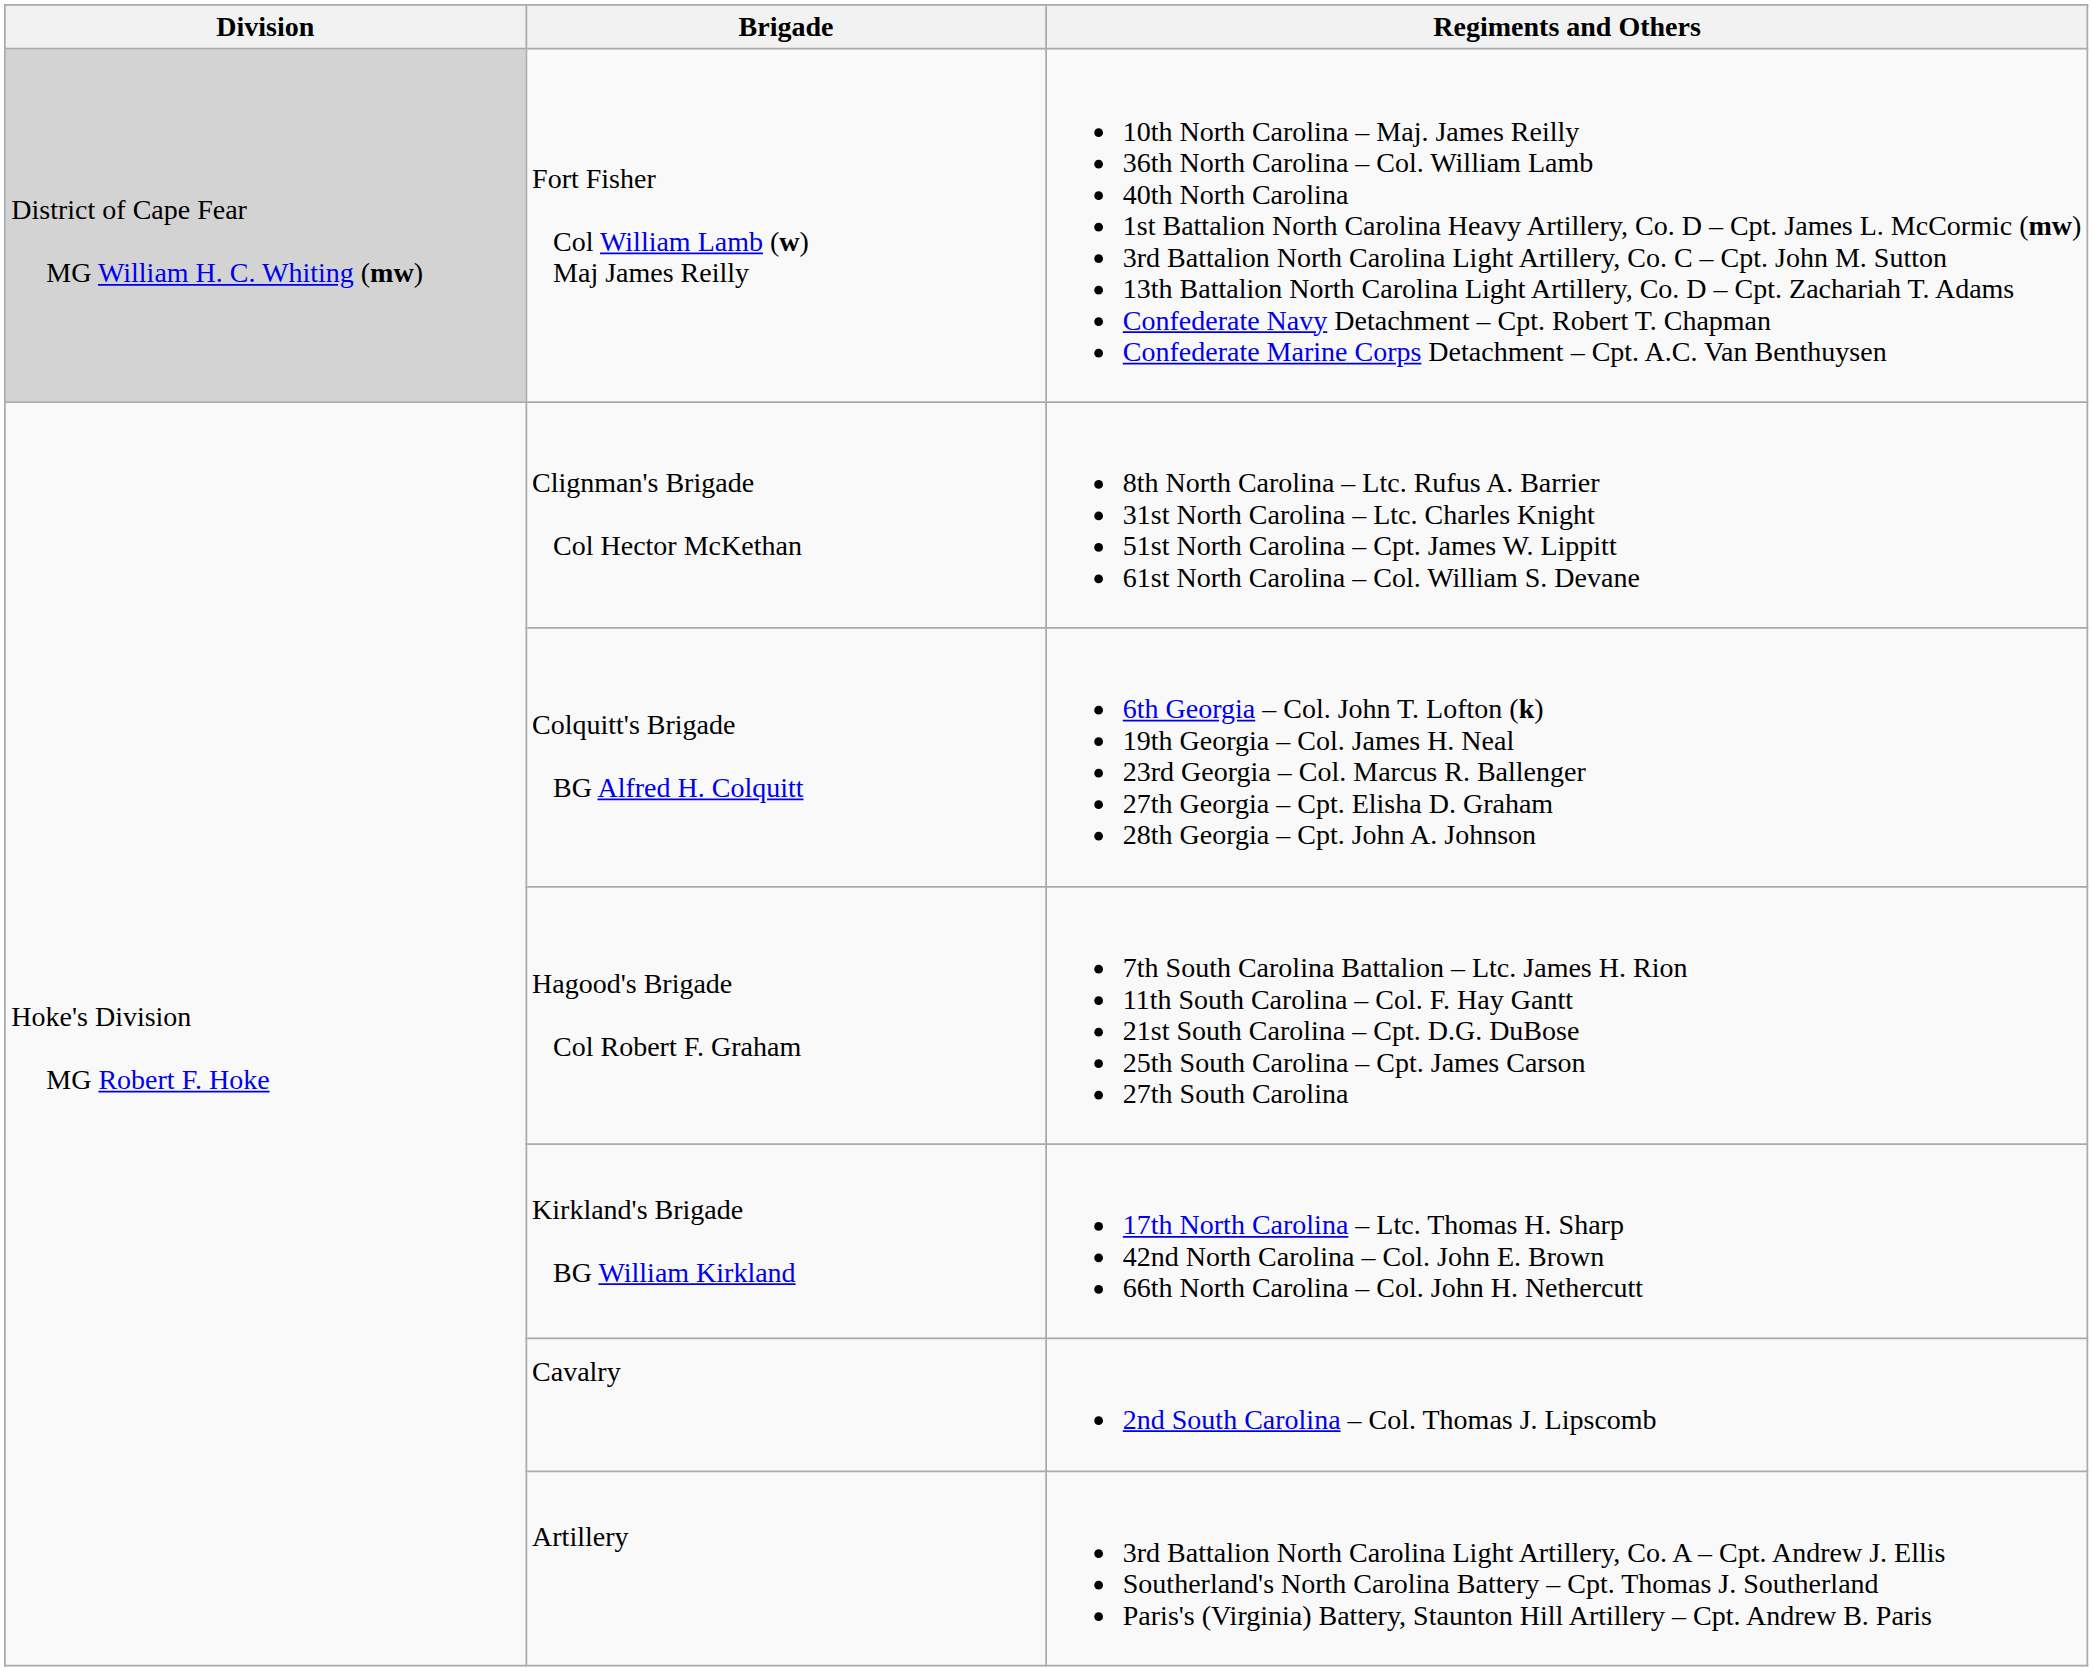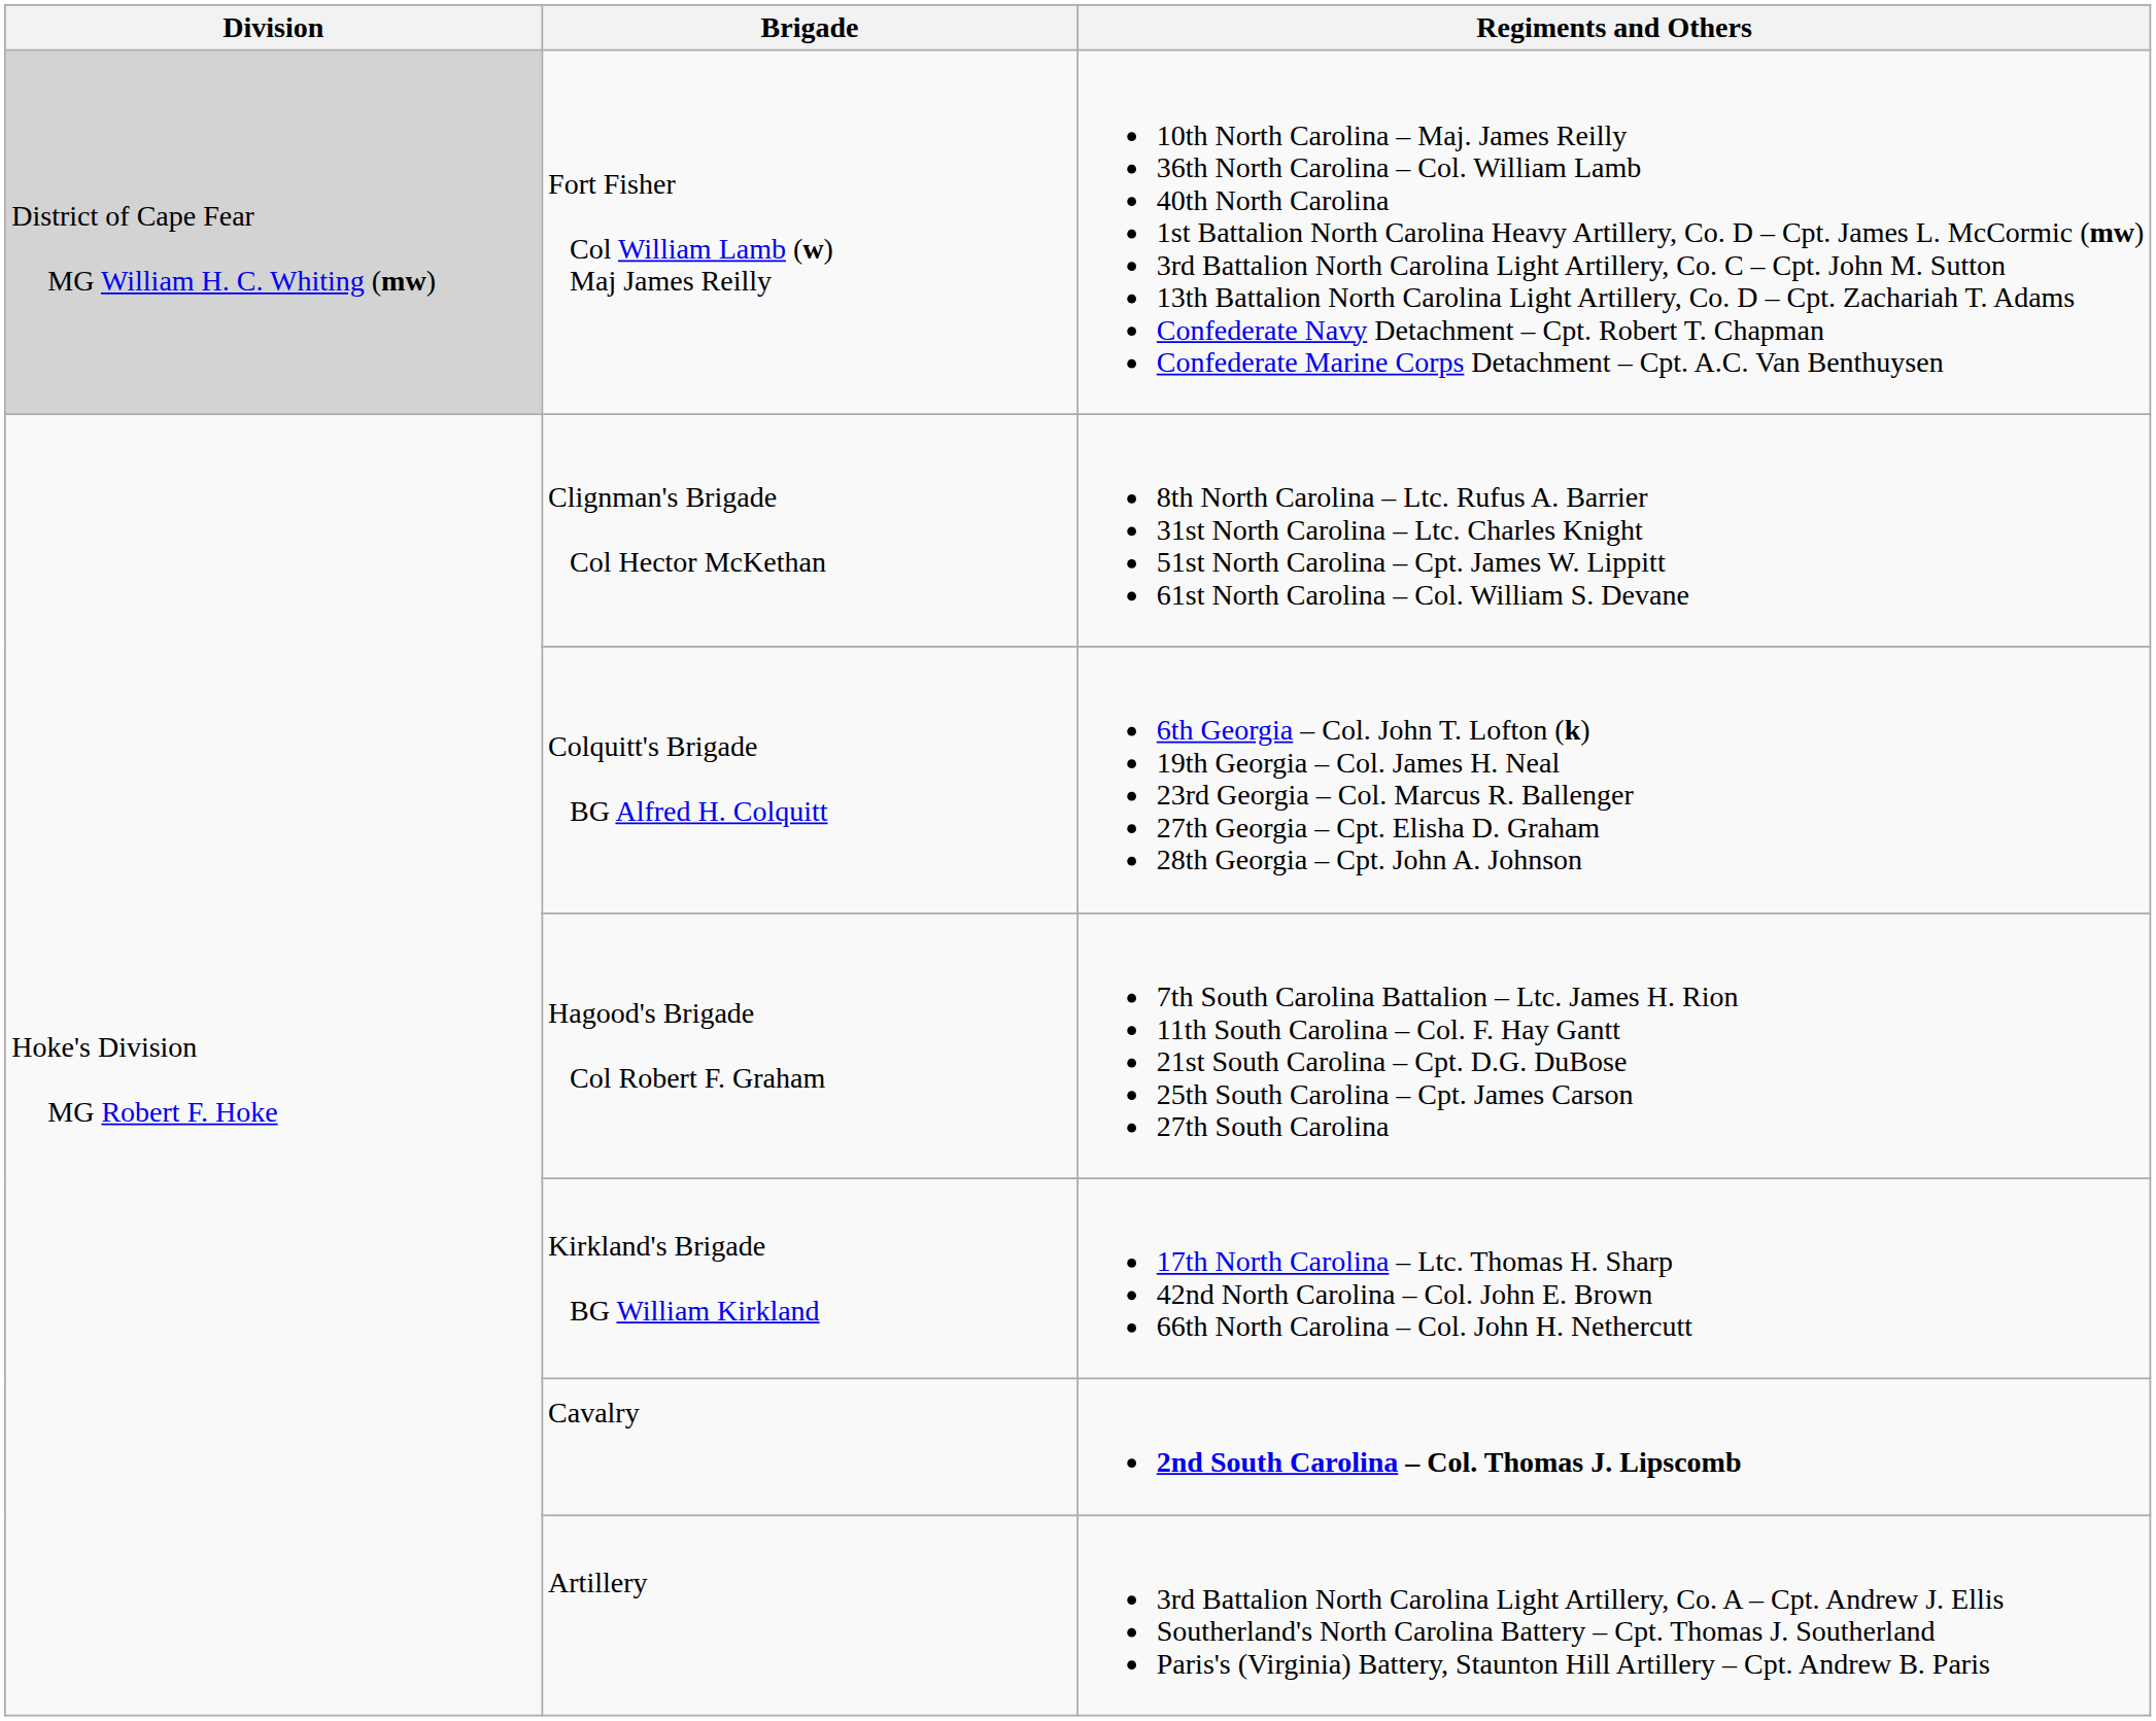 <table class="wikitable">
 <tr>
 <th width=25%>Division</th>
 <th width=25%>Brigade</th>
 <th>Regiments and Others</th>
 </tr>
 <tr>
 <td rowspan=1 style="background: lightgrey;"><br>District of Cape Fear<br><br>     MG <a href='#'>William H. C. Whiting</a> (<strong>mw</strong>)</td>
 <td>Fort Fisher<br><br>   Col <a href='#'>William Lamb</a> (<strong>w</strong>) <br>   Maj James Reilly</td>
 <td><br><ul><li>10th North Carolina – Maj. James Reilly</li><li>36th North Carolina – Col. William Lamb</li><li>40th North Carolina</li><li>1st Battalion North Carolina Heavy Artillery, Co. D – Cpt. James L. McCormic (<strong>mw</strong>)</li><li>3rd Battalion North Carolina Light Artillery, Co. C – Cpt. John M. Sutton</li><li>13th Battalion North Carolina Light Artillery, Co. D – Cpt. Zachariah T. Adams</li><li><a href='#'>Confederate Navy</a> Detachment – Cpt. Robert T. Chapman</li><li><a href='#'>Confederate Marine Corps</a> Detachment – Cpt. A.C. Van Benthuysen</li></ul></td>
 </tr>
 <tr>
 <td rowspan=6><br>Hoke's Division<br><br>     MG <a href='#'>Robert F. Hoke</a></td>
 <td>Clignman's Brigade<br><br>   Col Hector McKethan</td>
 <td><br><ul><li>8th North Carolina – Ltc. Rufus A. Barrier</li><li>31st North Carolina – Ltc. Charles Knight</li><li>51st North Carolina – Cpt. James W. Lippitt</li><li>61st North Carolina – Col. William S. Devane</li></ul></td>
 </tr>
 <tr>
 <td>Colquitt's Brigade<br><br>   BG <a href='#'>Alfred H. Colquitt</a></td>
 <td><br><ul><li><a href='#'>6th Georgia</a> – Col. John T. Lofton (<strong>k</strong>)</li><li>19th Georgia – Col. James H. Neal</li><li>23rd Georgia – Col. Marcus R. Ballenger</li><li>27th Georgia – Cpt. Elisha D. Graham</li><li>28th Georgia – Cpt. John A. Johnson</li></ul></td>
 </tr>
 <tr>
 <td>Hagood's Brigade<br><br>   Col Robert F. Graham</td>
 <td><br><ul><li>7th South Carolina Battalion – Ltc. James H. Rion</li><li>11th South Carolina – Col. F. Hay Gantt</li><li>21st South Carolina – Cpt. D.G. DuBose</li><li>25th South Carolina – Cpt. James Carson</li><li>27th South Carolina</li></ul></td>
 </tr>
 <tr>
 <td>Kirkland's Brigade<br><br>   BG <a href='#'>William Kirkland</a></td>
 <td><br><ul><li><a href='#'>17th North Carolina</a> – Ltc. Thomas H. Sharp</li><li>42nd North Carolina – Col. John E. Brown</li><li>66th North Carolina – Col. John H. Nethercutt</li></ul></td>
 </tr>
 <tr>
 <td>Cavalry<br><br>  </td>
-<td><br><ul><li><a href='#'>2nd South Carolina</a> – Col. Thomas J. Lipscomb</li></ul></td>
+<td><strong><br><ul><li><a href='#'>2nd South Carolina</a> – Col. Thomas J. Lipscomb</li></ul></strong></td>
 </tr>
 <tr>
 <td>Artillery<br><br>  </td>
 <td><br><ul><li>3rd Battalion North Carolina Light Artillery, Co. A – Cpt. Andrew J. Ellis</li><li>Southerland's North Carolina Battery – Cpt. Thomas J. Southerland</li><li>Paris's (Virginia) Battery, Staunton Hill Artillery – Cpt. Andrew B. Paris</li></ul></td>
 </tr>
 </table>
